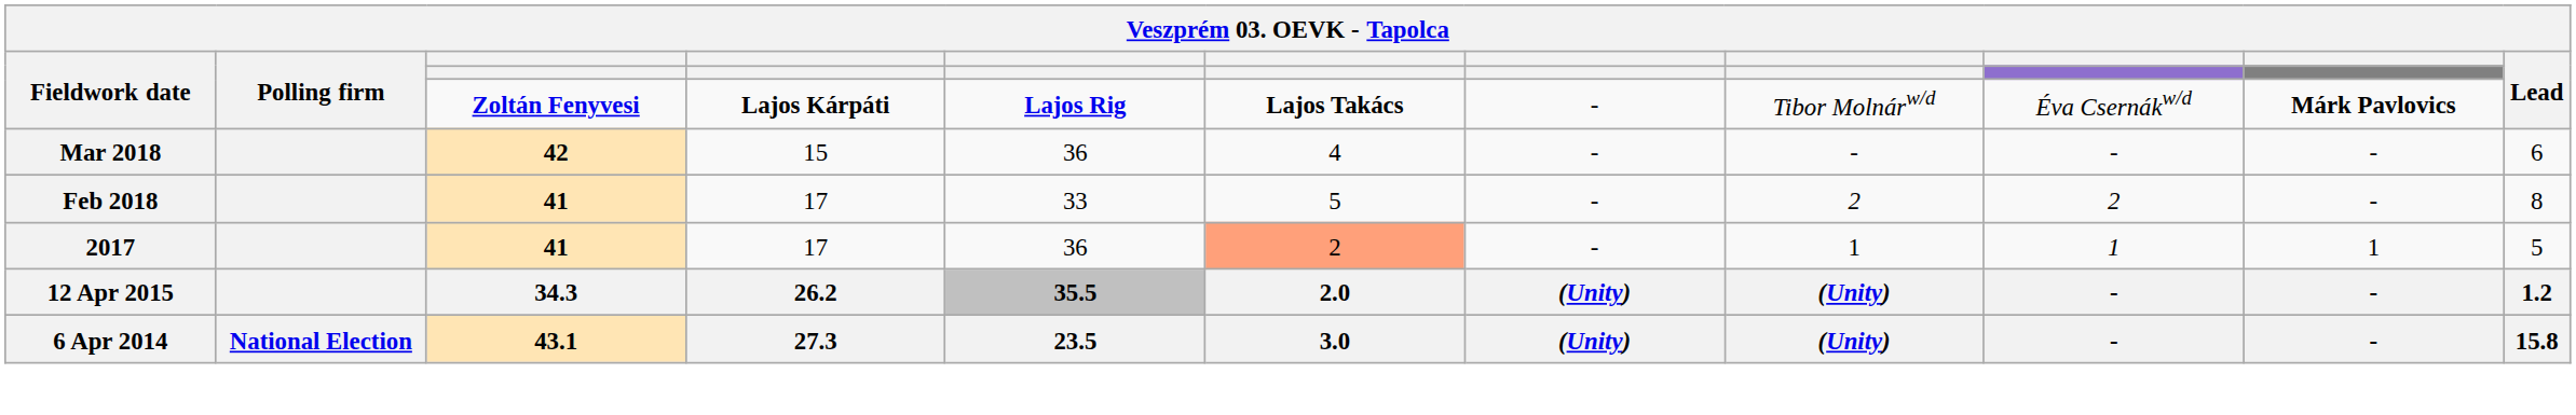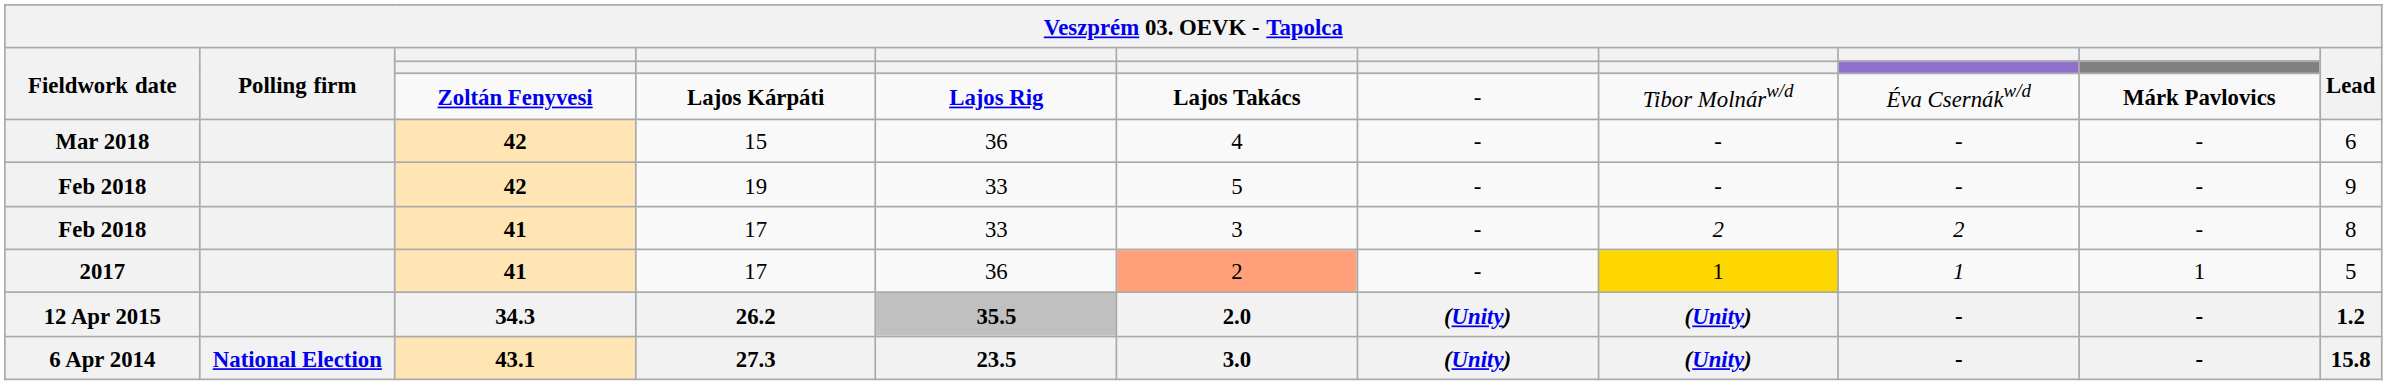 <table class="wikitable mw-collapsible mw-collapsed" style="text-align:center">
 <tr>
 <th colspan="11" style="width: 980pt;"><small><a href='#'>Veszprém</a> 03. OEVK -</small> <small><a href='#'>Tapolca</a></small></th>
 </tr>
 <tr>
 <th rowspan="3" style="width: 80pt;"><small>Fieldwork</small> <small>date</small></th>
 <th rowspan="3" style="width: 80pt;"><strong><small>Polling</small> <small>firm</small></strong></th>
 <th style="width: 100pt;"><small></small></th>
 <th style="width: 100pt;"><small> </small></th>
 <th style="width: 100pt;"></th>
 <th style="width: 100pt;"></th>
 <th style="width: 100pt;"></th>
 <th style="width: 100pt;"></th>
 <th style="width: 100pt;"></th>
 <th style="width: 100pt;"></th>
 <th rowspan="3" style="width: 20pt;"><small>Lead</small></th>
 </tr>
 <tr>
 <th style="color:inherit;background:"></th>
 <th style="color:inherit;background:"></th>
 <th style="color:inherit;background:"></th>
 <th style="color:inherit;background:"></th>
 <th style="color:inherit;background:"></th>
 <th style="color:inherit;background:"></th>
 <th style="color:inherit;background:#8E6FCE;"></th>
 <th style="color:inherit;background:#808080;"></th>
 </tr>
 <tr>
 <td><small><strong><a href='#'>Zoltán Fenyvesi</a></strong></small></td>
 <td><small><strong>Lajos Kárpáti</strong></small></td>
 <td><small><a href='#'><strong>Lajos Rig</strong></a></small></td>
 <td><small><strong>Lajos Takács</strong></small></td>
 <td><small>-</small></td>
 <td><small><em>Tibor Molnár<sup>w/d</sup></em></small></td>
 <td><small><em>Éva Csernák<sup>w/d</sup></em></small></td>
 <td><small><strong>Márk Pavlovics</strong></small></td>
 </tr>
 <tr>
 <th><small>Mar 2018</small></th>
 <th><small></small></th>
 <td style="background:#FFE5B4"><small><strong>42</strong></small></td>
 <td><small>15</small></td>
 <td><small>36</small></td>
 <td><small>4</small></td>
 <td><small>-</small></td>
 <td><small>-</small></td>
 <td><small>-</small></td>
 <td><small>-</small></td>
 <td style="background:"><small>6</small></td>
 </tr>
 <tr>
 <th><small>Feb 2018</small></th>
 <th><small> </small></th>
+<td style="background:#FFE5B4"><small><strong>42</strong></small></td>
+<td><small>19</small></td>
+<td><small>33</small></td>
+<td><small>5</small></td>
+<td><small>-</small></td>
+<td><em><small>-</small></em></td>
+<td><em><small>-</small></em></td>
+<td><small>-</small></td>
+<td style="background:"><small>9</small></td>
+</tr>
+<tr>
+<th><small>Feb 2018</small></th>
+<th><small> </small></th>
 <td style="background:#FFE5B4"><small><strong>41</strong></small></td>
 <td><small>17</small></td>
 <td><small>33</small></td>
-<td><small>5</small></td>
+<td><small>3</small></td>
 <td><small>-</small></td>
 <td><small><em>2</em></small></td>
 <td><small><em>2</em></small></td>
 <td><small>-</small></td>
 <td style="background:"><small>8</small></td>
 </tr>
 <tr>
 <th><small>2017</small></th>
 <th><small></small></th>
 <td style="background:#FFE5B4"><small><strong>41</strong></small></td>
 <td><small>17</small></td>
 <td><small>36</small></td>
 <td style="background: lightsalmon;"><small>2</small></td>
 <td><small>-</small></td>
-<td><small>1</small></td>
+<td style="background: gold;"><small>1</small></td>
 <td><small><em>1</em></small></td>
 <td><small>1</small></td>
 <td style="background:"><small>5</small></td>
 </tr>
 <tr>
 <th><small>12 Apr 2015</small></th>
 <th><small></small></th>
 <th><small>34.3</small></th>
 <th><small>26.2</small></th>
 <th style="background:#C0C0C0"><small>35.5</small></th>
 <th><small>2.0</small></th>
 <th><small><em>(<a href='#'>Unity</a>)</em></small></th>
 <th><small><em>(<a href='#'>Unity</a>)</em></small></th>
 <th><small>-</small></th>
 <th><small>-</small></th>
 <th style="background:"><small>1.2</small></th>
 </tr>
 <tr>
 <th><small>6 Apr 2014</small></th>
 <th><a href='#'><small>National Election</small></a></th>
 <th style="background:#FFE5B4"><small>43.1</small></th>
 <th><small>27.3</small></th>
 <th><small>23.5</small></th>
 <th><small>3.0</small></th>
 <th><small><em>(<a href='#'>Unity</a>)</em></small></th>
 <th><small><em>(<a href='#'>Unity</a>)</em></small></th>
 <th><small>-</small></th>
 <th><small>-</small></th>
 <th style="background:"><small>15.8</small></th>
 </tr>
 </table>
